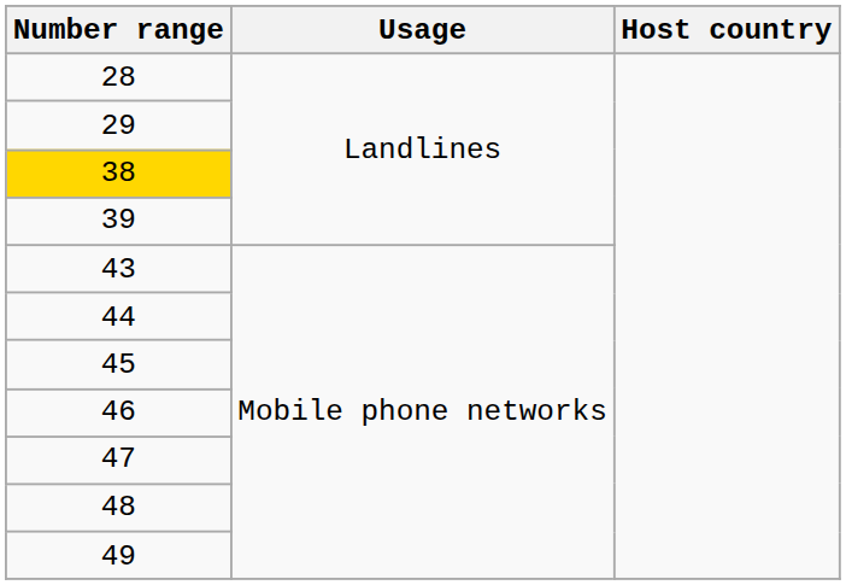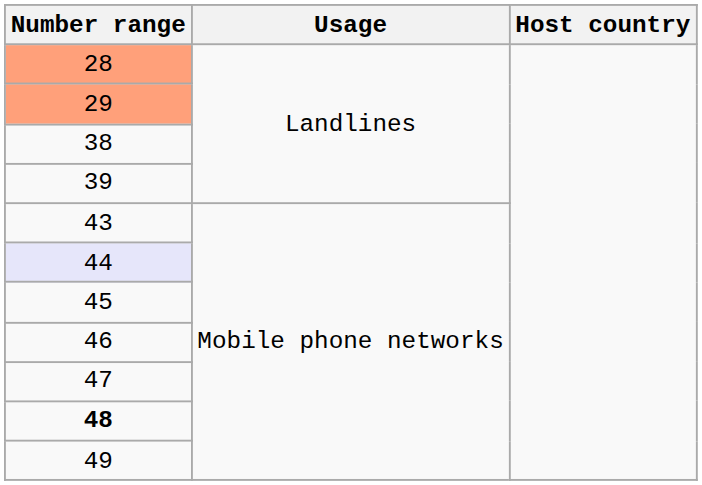 <table class="wikitable" style="text-align:center">
 <tr>
 <th>Number range</th>
 <th>Usage</th>
 <th>Host country</th>
 </tr>
 <tr>
-<td>28</td>
+<td style="background: lightsalmon;">28</td>
 <td rowspan="4">Landlines</td>
 <td rowspan="11"></td>
 </tr>
 <tr>
-<td>29</td>
+<td style="background: lightsalmon;">29</td>
 </tr>
 <tr>
-<td style="background: gold;">38</td>
+<td>38</td>
 </tr>
 <tr>
 <td>39</td>
 </tr>
 <tr>
 <td>43</td>
 <td rowspan="7">Mobile phone networks</td>
 </tr>
 <tr>
-<td>44</td>
+<td style="background: lavender;">44</td>
 </tr>
 <tr>
 <td>45</td>
 </tr>
 <tr>
 <td>46</td>
 </tr>
 <tr>
 <td>47</td>
 </tr>
 <tr>
-<td>48</td>
+<td><strong>48</strong></td>
 </tr>
 <tr>
 <td>49</td>
 </tr>
 </table>
